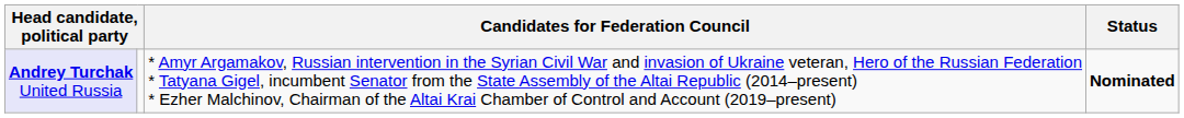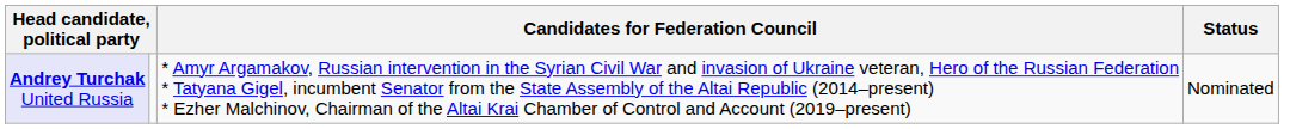 <table class="wikitable" style="text-align:center;">
 <tr>
 <th colspan="2">Head candidate,<br>political party</th>
 <th>Candidates for Federation Council</th>
 <th>Status</th>
 </tr>
 <tr>
 <td style="background:lavender;"><strong><a href='#'>Andrey Turchak</a></strong><br><a href='#'>United Russia</a></td>
 <td style="background-color:"></td>
 <td align=left>* <a href='#'>Amyr Argamakov</a>, <a href='#'>Russian intervention in the Syrian Civil War</a> and <a href='#'>invasion of Ukraine</a> veteran, <a href='#'>Hero of the Russian Federation</a><br> * <a href='#'>Tatyana Gigel</a>, incumbent <a href='#'>Senator</a> from the <a href='#'>State Assembly of the Altai Republic</a> (2014–present)<br> * Ezher Malchinov, Chairman of the <a href='#'>Altai Krai</a> Chamber of Control and Account (2019–present)</td>
-<td><strong>Nominated</strong></td>
+<td>Nominated</td>
 </tr>
 </table>
